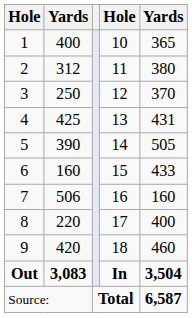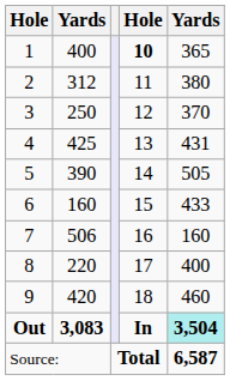 <table class="wikitable" style="text-align:center; font-size:100%;">
 <tr>
 <th>Hole</th>
 <th>Yards</th>
 <th></th>
 <th>Hole</th>
 <th>Yards</th>
 </tr>
 <tr>
 <td>1</td>
 <td>400</td>
 <td rowspan=10 style="background:#E6E8FA;"></td>
-<td>10</td>
+<td><strong>10</strong></td>
 <td>365</td>
 </tr>
 <tr>
 <td>2</td>
 <td>312</td>
 <td>11</td>
 <td>380</td>
 </tr>
 <tr>
 <td>3</td>
 <td>250</td>
 <td>12</td>
 <td>370</td>
 </tr>
 <tr>
 <td>4</td>
 <td>425</td>
 <td>13</td>
 <td>431</td>
 </tr>
 <tr>
 <td>5</td>
 <td>390</td>
 <td>14</td>
 <td>505</td>
 </tr>
 <tr>
 <td>6</td>
 <td>160</td>
 <td>15</td>
 <td>433</td>
 </tr>
 <tr>
 <td>7</td>
 <td>506</td>
 <td>16</td>
 <td>160</td>
 </tr>
 <tr>
 <td>8</td>
 <td>220</td>
 <td>17</td>
 <td>400</td>
 </tr>
 <tr>
 <td>9</td>
 <td>420</td>
 <td>18</td>
 <td>460</td>
 </tr>
 <tr>
 <td><strong>Out</strong></td>
 <td><strong>3,083</strong></td>
 <td><strong>In</strong></td>
-<td><strong>3,504</strong></td>
+<td style="background: paleturquoise;"><strong>3,504</strong></td>
 </tr>
 <tr>
 <td colspan=2 align=left><small>Source:</small></td>
 <td colspan=2><strong>Total</strong></td>
 <td><strong>6,587</strong></td>
 </tr>
 </table>
